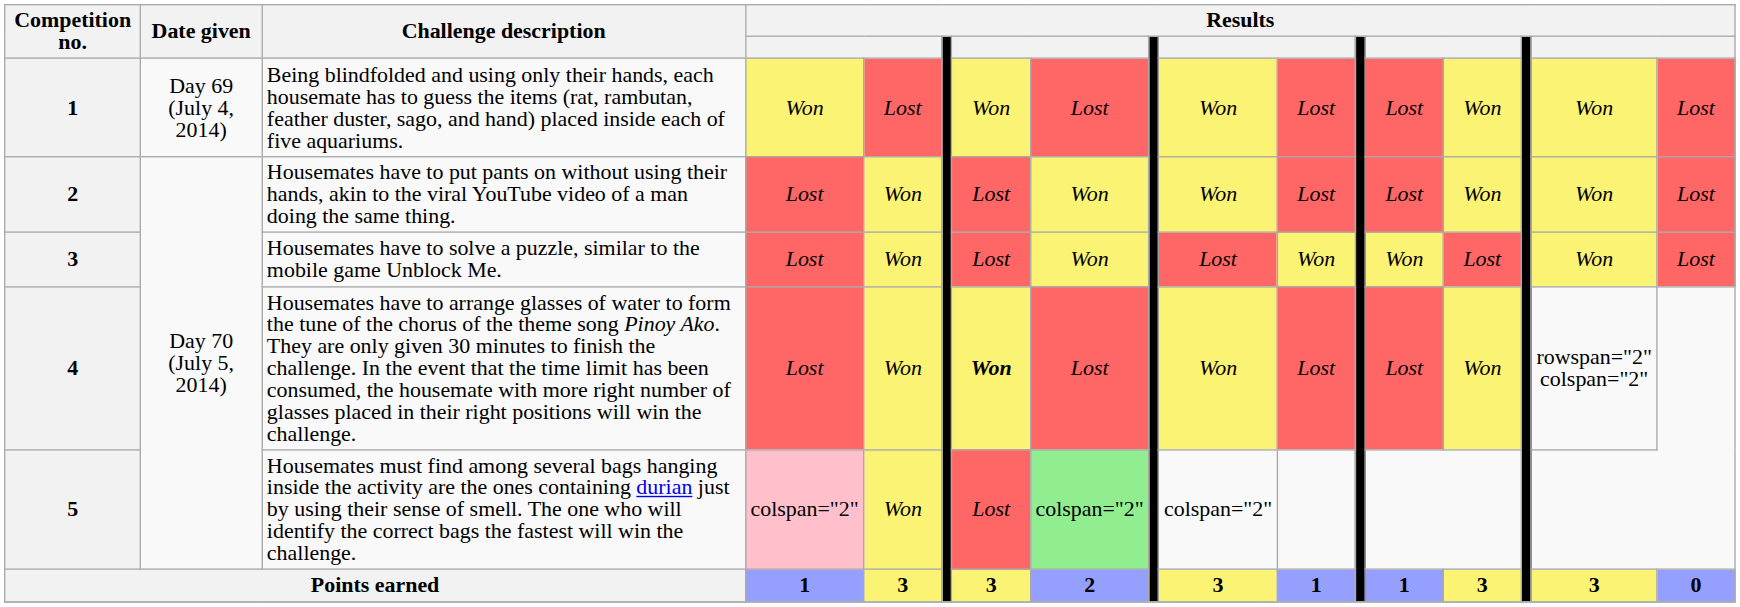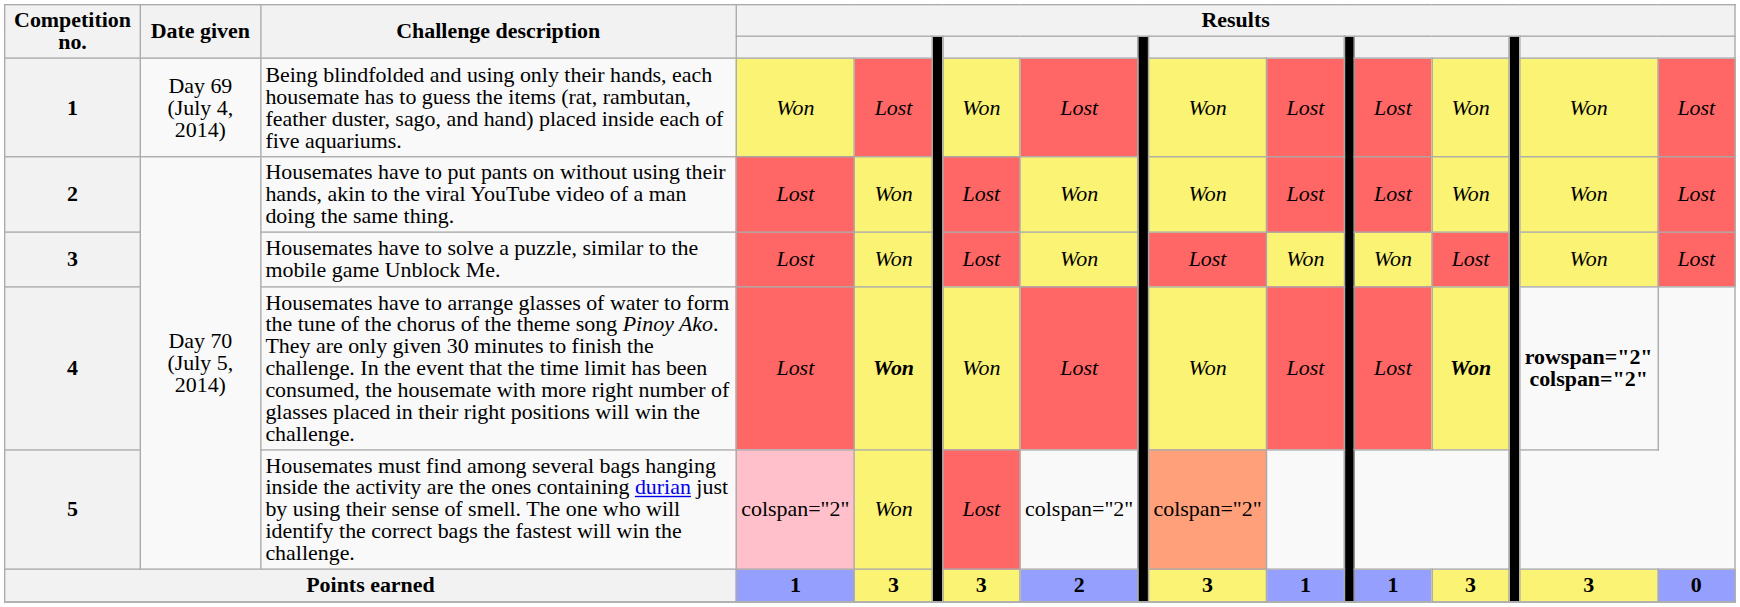 <table class="wikitable" style="text-align:center; font-size:100%; line-height:16px;" width="100%">
 <tr>
 <th style="width:08%;" rowspan="2">Competition no.</th>
 <th style="width:08%;" rowspan="2">Date given</th>
 <th style="width:34%;" rowspan="2">Challenge description</th>
 <th colspan="14" style="width: 50%;">Results</th>
 </tr>
 <tr>
 <th colspan="2"></th>
 <th style="background:#000;" rowspan="7"></th>
 <th colspan="2"></th>
 <th style="background:#000;" rowspan="7"></th>
 <th colspan="2"></th>
 <th style="background:#000;" rowspan="7"></th>
 <th colspan="2"></th>
 <th style="background:#000;" rowspan="7"></th>
 <th colspan="2"></th>
 </tr>
 <tr>
 <th>1</th>
 <td>Day 69<br>(July 4, 2014)</td>
 <td style="text-align:left;">Being blindfolded and using only their hands, each housemate has to guess the items (rat, rambutan, feather duster, sago, and hand) placed inside each of five aquariums.</td>
 <td style="width:05%; background:#FBF373;"><em>Won</em></td>
 <td style="width:05%; background:#FF6666;"><em>Lost</em></td>
 <td style="width:05%; background:#FBF373;"><em>Won</em></td>
 <td style="width:05%; background:#FF6666;"><em>Lost</em></td>
 <td style="width:05%; background:#FBF373;"><em>Won</em></td>
 <td style="width:05%; background:#FF6666;"><em>Lost</em></td>
 <td style="width:05%; background:#FF6666;"><em>Lost</em></td>
 <td style="width:05%; background:#FBF373;"><em>Won</em></td>
 <td style="width:05%; background:#FBF373;"><em>Won</em></td>
 <td style="width:05%; background:#FF6666;"><em>Lost</em></td>
 </tr>
 <tr>
 <th>2</th>
 <td rowspan="4">Day 70<br>(July 5, 2014)</td>
 <td style="text-align:left;">Housemates have to put pants on without using their hands, akin to the viral YouTube video of a man doing the same thing.</td>
 <td style="background:#FF6666;"><em>Lost</em></td>
 <td style="background:#FBF373;"><em>Won</em></td>
 <td style="background:#FF6666;"><em>Lost</em></td>
 <td style="background:#FBF373;"><em>Won</em></td>
 <td style="background:#FBF373;"><em>Won</em></td>
 <td style="background:#FF6666;"><em>Lost</em></td>
 <td style="background:#FF6666;"><em>Lost</em></td>
 <td style="background:#FBF373;"><em>Won</em></td>
 <td style="background:#FBF373;"><em>Won</em></td>
 <td style="background:#FF6666;"><em>Lost</em></td>
 </tr>
 <tr>
 <th>3</th>
 <td style="text-align:left;">Housemates have to solve a puzzle, similar to the mobile game Unblock Me.</td>
 <td style="background:#FF6666;"><em>Lost</em></td>
 <td style="background:#FBF373;"><em>Won</em></td>
 <td style="background:#FF6666;"><em>Lost</em></td>
 <td style="background:#FBF373;"><em>Won</em></td>
 <td style="background:#FF6666;"><em>Lost</em></td>
 <td style="background:#FBF373;"><em>Won</em></td>
 <td style="background:#FBF373;"><em>Won</em></td>
 <td style="background:#FF6666;"><em>Lost</em></td>
 <td style="background:#FBF373;"><em>Won</em></td>
 <td style="background:#FF6666;"><em>Lost</em></td>
 </tr>
 <tr>
 <th>4</th>
 <td style="text-align:left;">Housemates have to arrange glasses of water to form the tune of the chorus of the theme song <em>Pinoy Ako</em>. They are only given 30 minutes to finish the challenge. In the event that the time limit has been consumed, the housemate with more right number of glasses placed in their right positions will win the challenge.</td>
 <td style="background:#FF6666;"><em>Lost</em></td>
+<td style="background:#FBF373;"><strong><em>Won</em></strong></td>
 <td style="background:#FBF373;"><em>Won</em></td>
-<td style="background:#FBF373;"><strong><em>Won</em></strong></td>
 <td style="background:#FF6666;"><em>Lost</em></td>
 <td style="background:#FBF373;"><em>Won</em></td>
 <td style="background:#FF6666;"><em>Lost</em></td>
 <td style="background:#FF6666;"><em>Lost</em></td>
-<td style="background:#FBF373;"><em>Won</em></td>
-<td>rowspan="2" colspan="2" </td>
+<td style="background:#FBF373;"><strong><em>Won</em></strong></td>
+<td><strong>rowspan="2" colspan="2" </strong></td>
 </tr>
 <tr>
 <th>5</th>
 <td style="text-align:left;">Housemates must find among several bags hanging inside the activity are the ones containing <a href='#'>durian</a> just by using their sense of smell. The one who will identify the correct bags the fastest will win the challenge.</td>
 <td style="background: pink;">colspan="2" </td>
 <td style="background:#FBF373;"><em>Won</em></td>
 <td style="background:#FF6666;"><em>Lost</em></td>
-<td style="background: lightgreen;">colspan="2" </td>
 <td>colspan="2" </td>
+<td style="background: lightsalmon;">colspan="2" </td>
 </tr>
 <tr>
 <th colspan="3">Points earned</th>
 <th style="background:#959FFD;">1</th>
 <th style="background:#FBF373;">3</th>
 <th style="background:#FBF373;">3</th>
 <th style="background:#959FFD;">2</th>
 <th style="background:#FBF373;">3</th>
 <th style="background:#959FFD;">1</th>
 <th style="background:#959FFD;">1</th>
 <th style="background:#FBF373;">3</th>
 <th style="background:#FBF373;">3</th>
 <th style="background:#959FFD;">0</th>
 </tr>
 <tr>
 </tr>
 </table>
